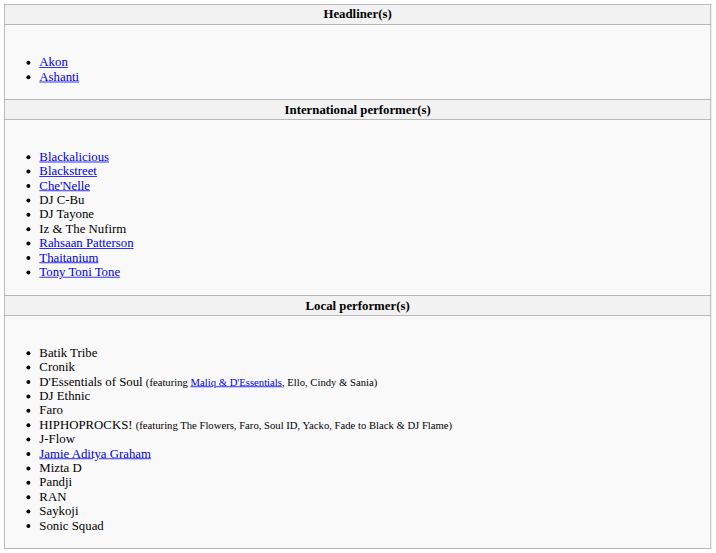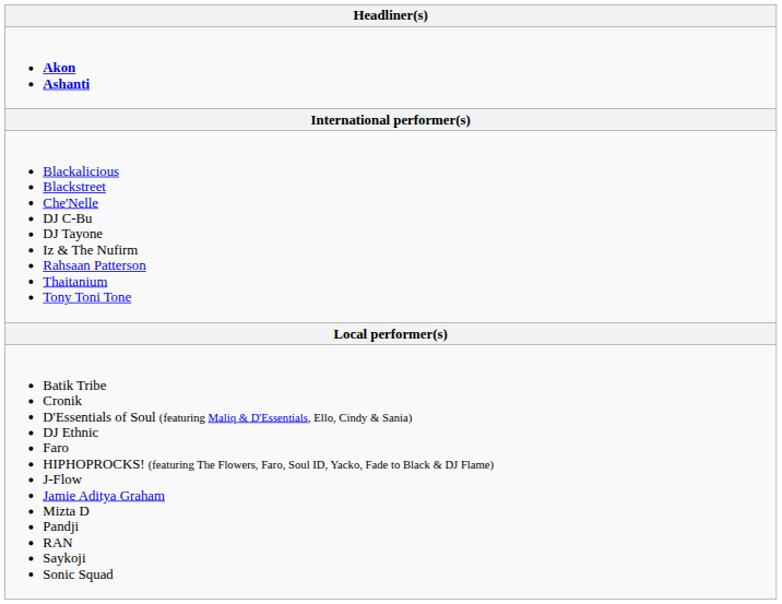 <table class="wikitable" style="width:100%;">
 <tr>
 <th>Headliner(s)</th>
 </tr>
 <tr>
-<td style="vertical-align:top"><br><ul><li><a href='#'>Akon</a></li><li><a href='#'>Ashanti</a></li></ul></td>
+<td style="vertical-align:top"><strong><br><ul><li><a href='#'>Akon</a></li><li><a href='#'>Ashanti</a></li></ul></strong></td>
 </tr>
 <tr>
 <th>International performer(s)</th>
 </tr>
 <tr>
 <td style="vertical-align:top"><br><ul><li><a href='#'>Blackalicious</a></li><li><a href='#'>Blackstreet</a></li><li><a href='#'>Che'Nelle</a></li><li>DJ C-Bu</li><li>DJ Tayone</li><li>Iz & The Nufirm</li><li><a href='#'>Rahsaan Patterson</a></li><li><a href='#'>Thaitanium</a></li><li><a href='#'>Tony Toni Tone</a></li></ul></td>
 </tr>
 <tr>
 <th>Local performer(s)</th>
 </tr>
 <tr>
 <td style="vertical-align:top"><br><ul><li>Batik Tribe</li><li>Cronik</li><li>D'Essentials of Soul <small>(featuring <a href='#'>Maliq & D'Essentials</a>, Ello, Cindy & Sania)</small></li><li>DJ Ethnic</li><li>Faro</li><li>HIPHOPROCKS! <small>(featuring The Flowers, Faro, Soul ID, Yacko, Fade to Black & DJ Flame)</small></li><li>J-Flow</li><li><a href='#'>Jamie Aditya Graham</a></li><li>Mizta D</li><li>Pandji</li><li>RAN</li><li>Saykoji</li><li>Sonic Squad</li></ul></td>
 </tr>
 </table>
